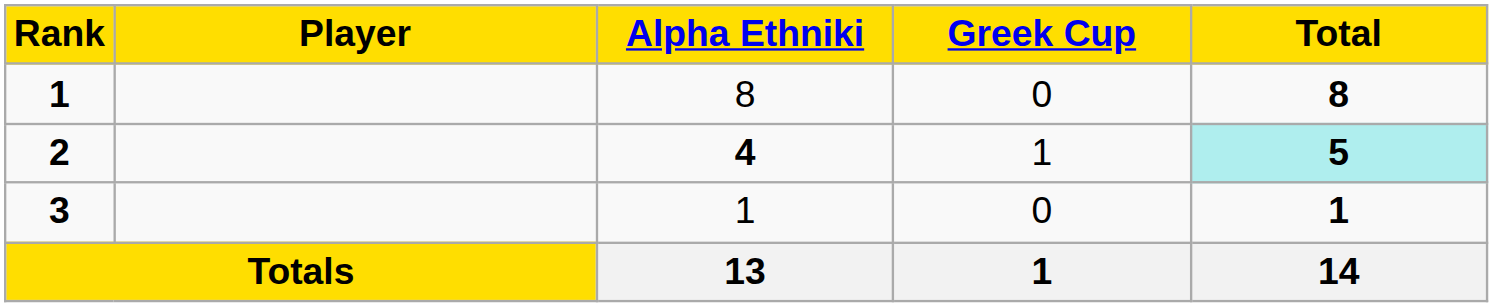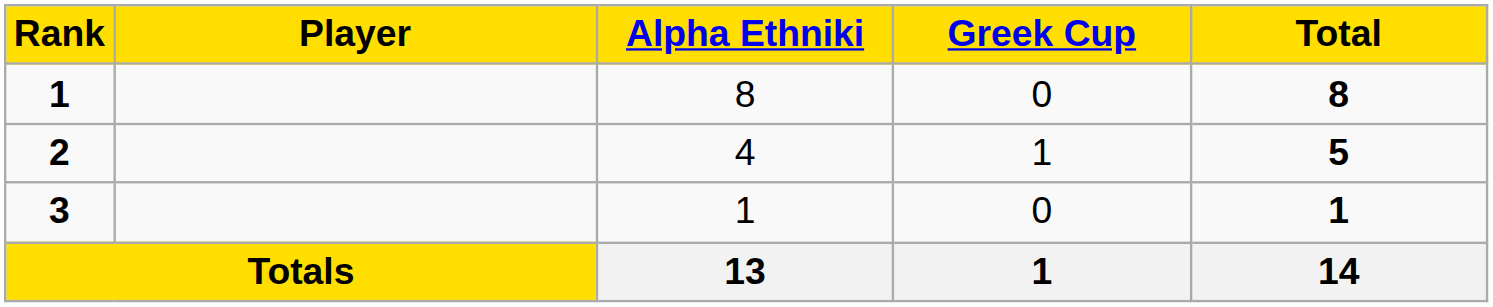 <table class="wikitable sortable" style="text-align:center">
 <tr>
 <th style="background:#FFDE00">Rank</th>
 <th width=200 style="background:#FFDE00">Player</th>
 <th width=120 style="background:#FFDE00"><a href='#'>Alpha Ethniki</a></th>
 <th width=120 style="background:#FFDE00"><a href='#'>Greek Cup</a></th>
 <th width=120 style="background:#FFDE00">Total</th>
 </tr>
 <tr>
 <td><strong>1</strong></td>
 <td align=left></td>
 <td>8</td>
 <td>0</td>
 <td><strong>8</strong></td>
 </tr>
 <tr>
 <td><strong>2</strong></td>
 <td align=left></td>
-<td><strong>4</strong></td>
+<td>4</td>
 <td>1</td>
-<td style="background: paleturquoise;"><strong>5</strong></td>
+<td><strong>5</strong></td>
 </tr>
 <tr>
 <td><strong>3</strong></td>
 <td align=left></td>
 <td>1</td>
 <td>0</td>
 <td><strong>1</strong></td>
 </tr>
 <tr class="sortbottom">
 <th colspan=2 style="background:#FFDE00"><strong>Totals</strong></th>
 <th><strong>13</strong></th>
 <th><strong> 1</strong></th>
 <th><strong>14</strong></th>
 </tr>
 </table>
